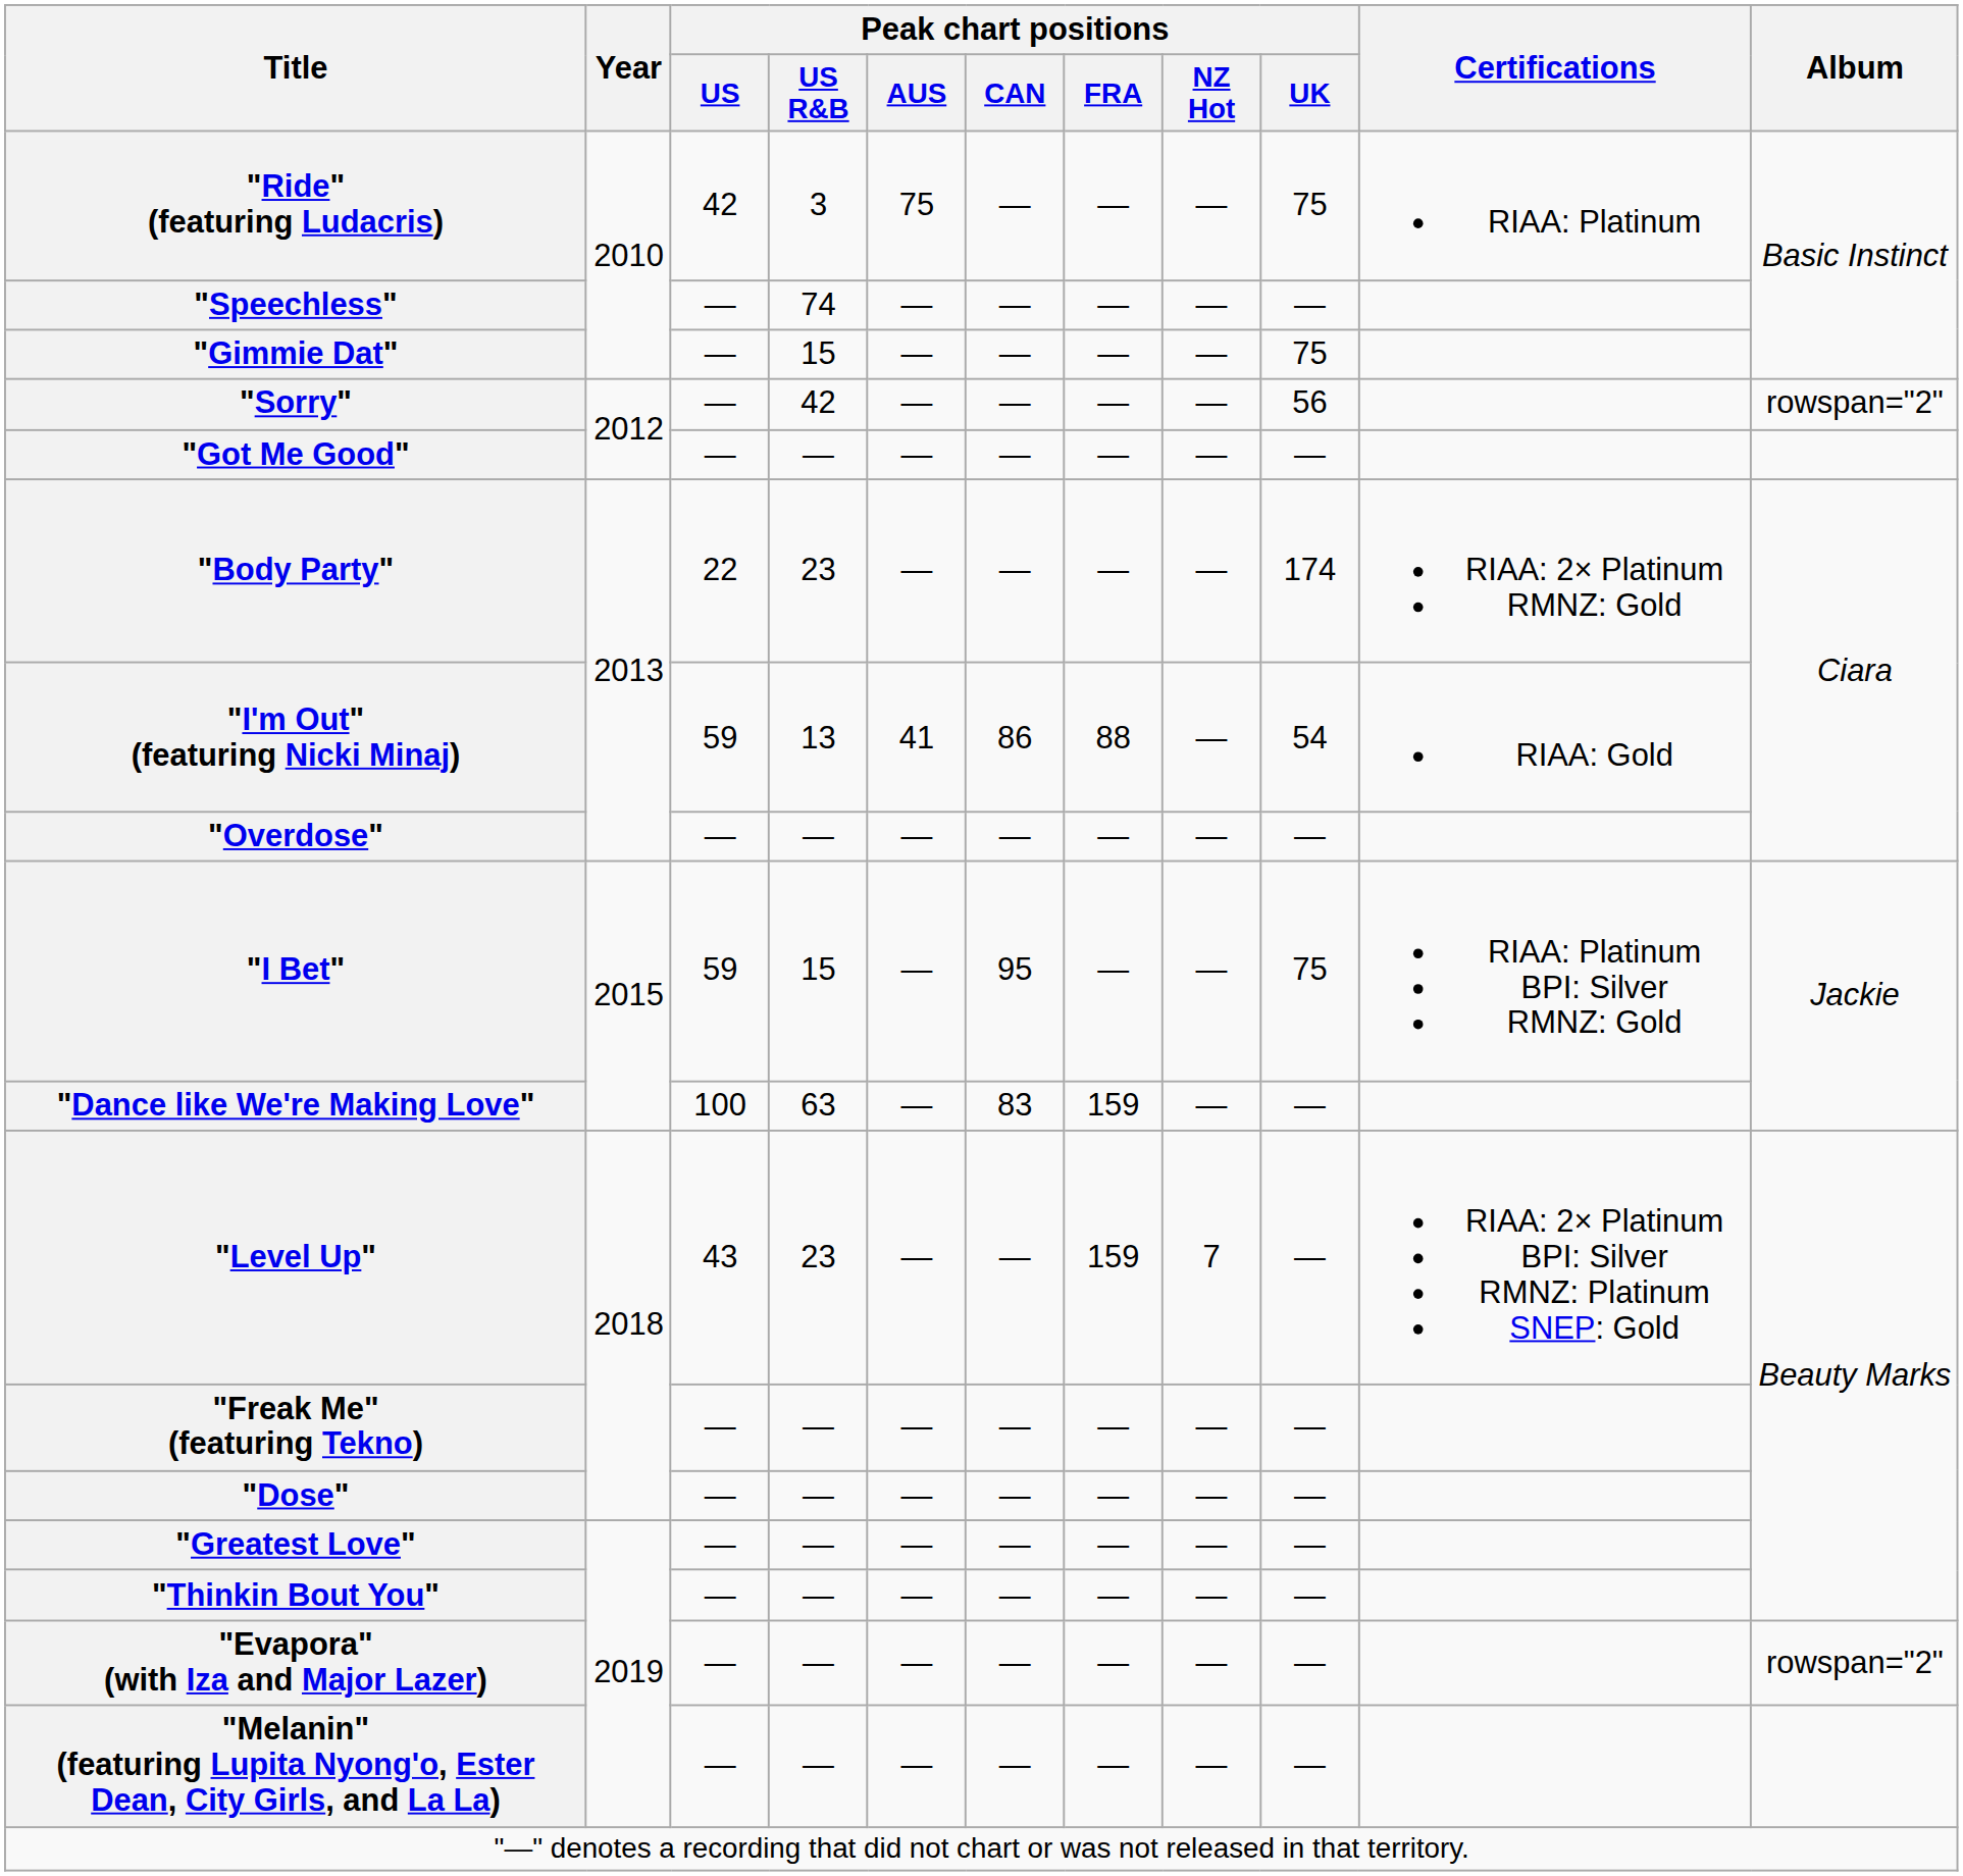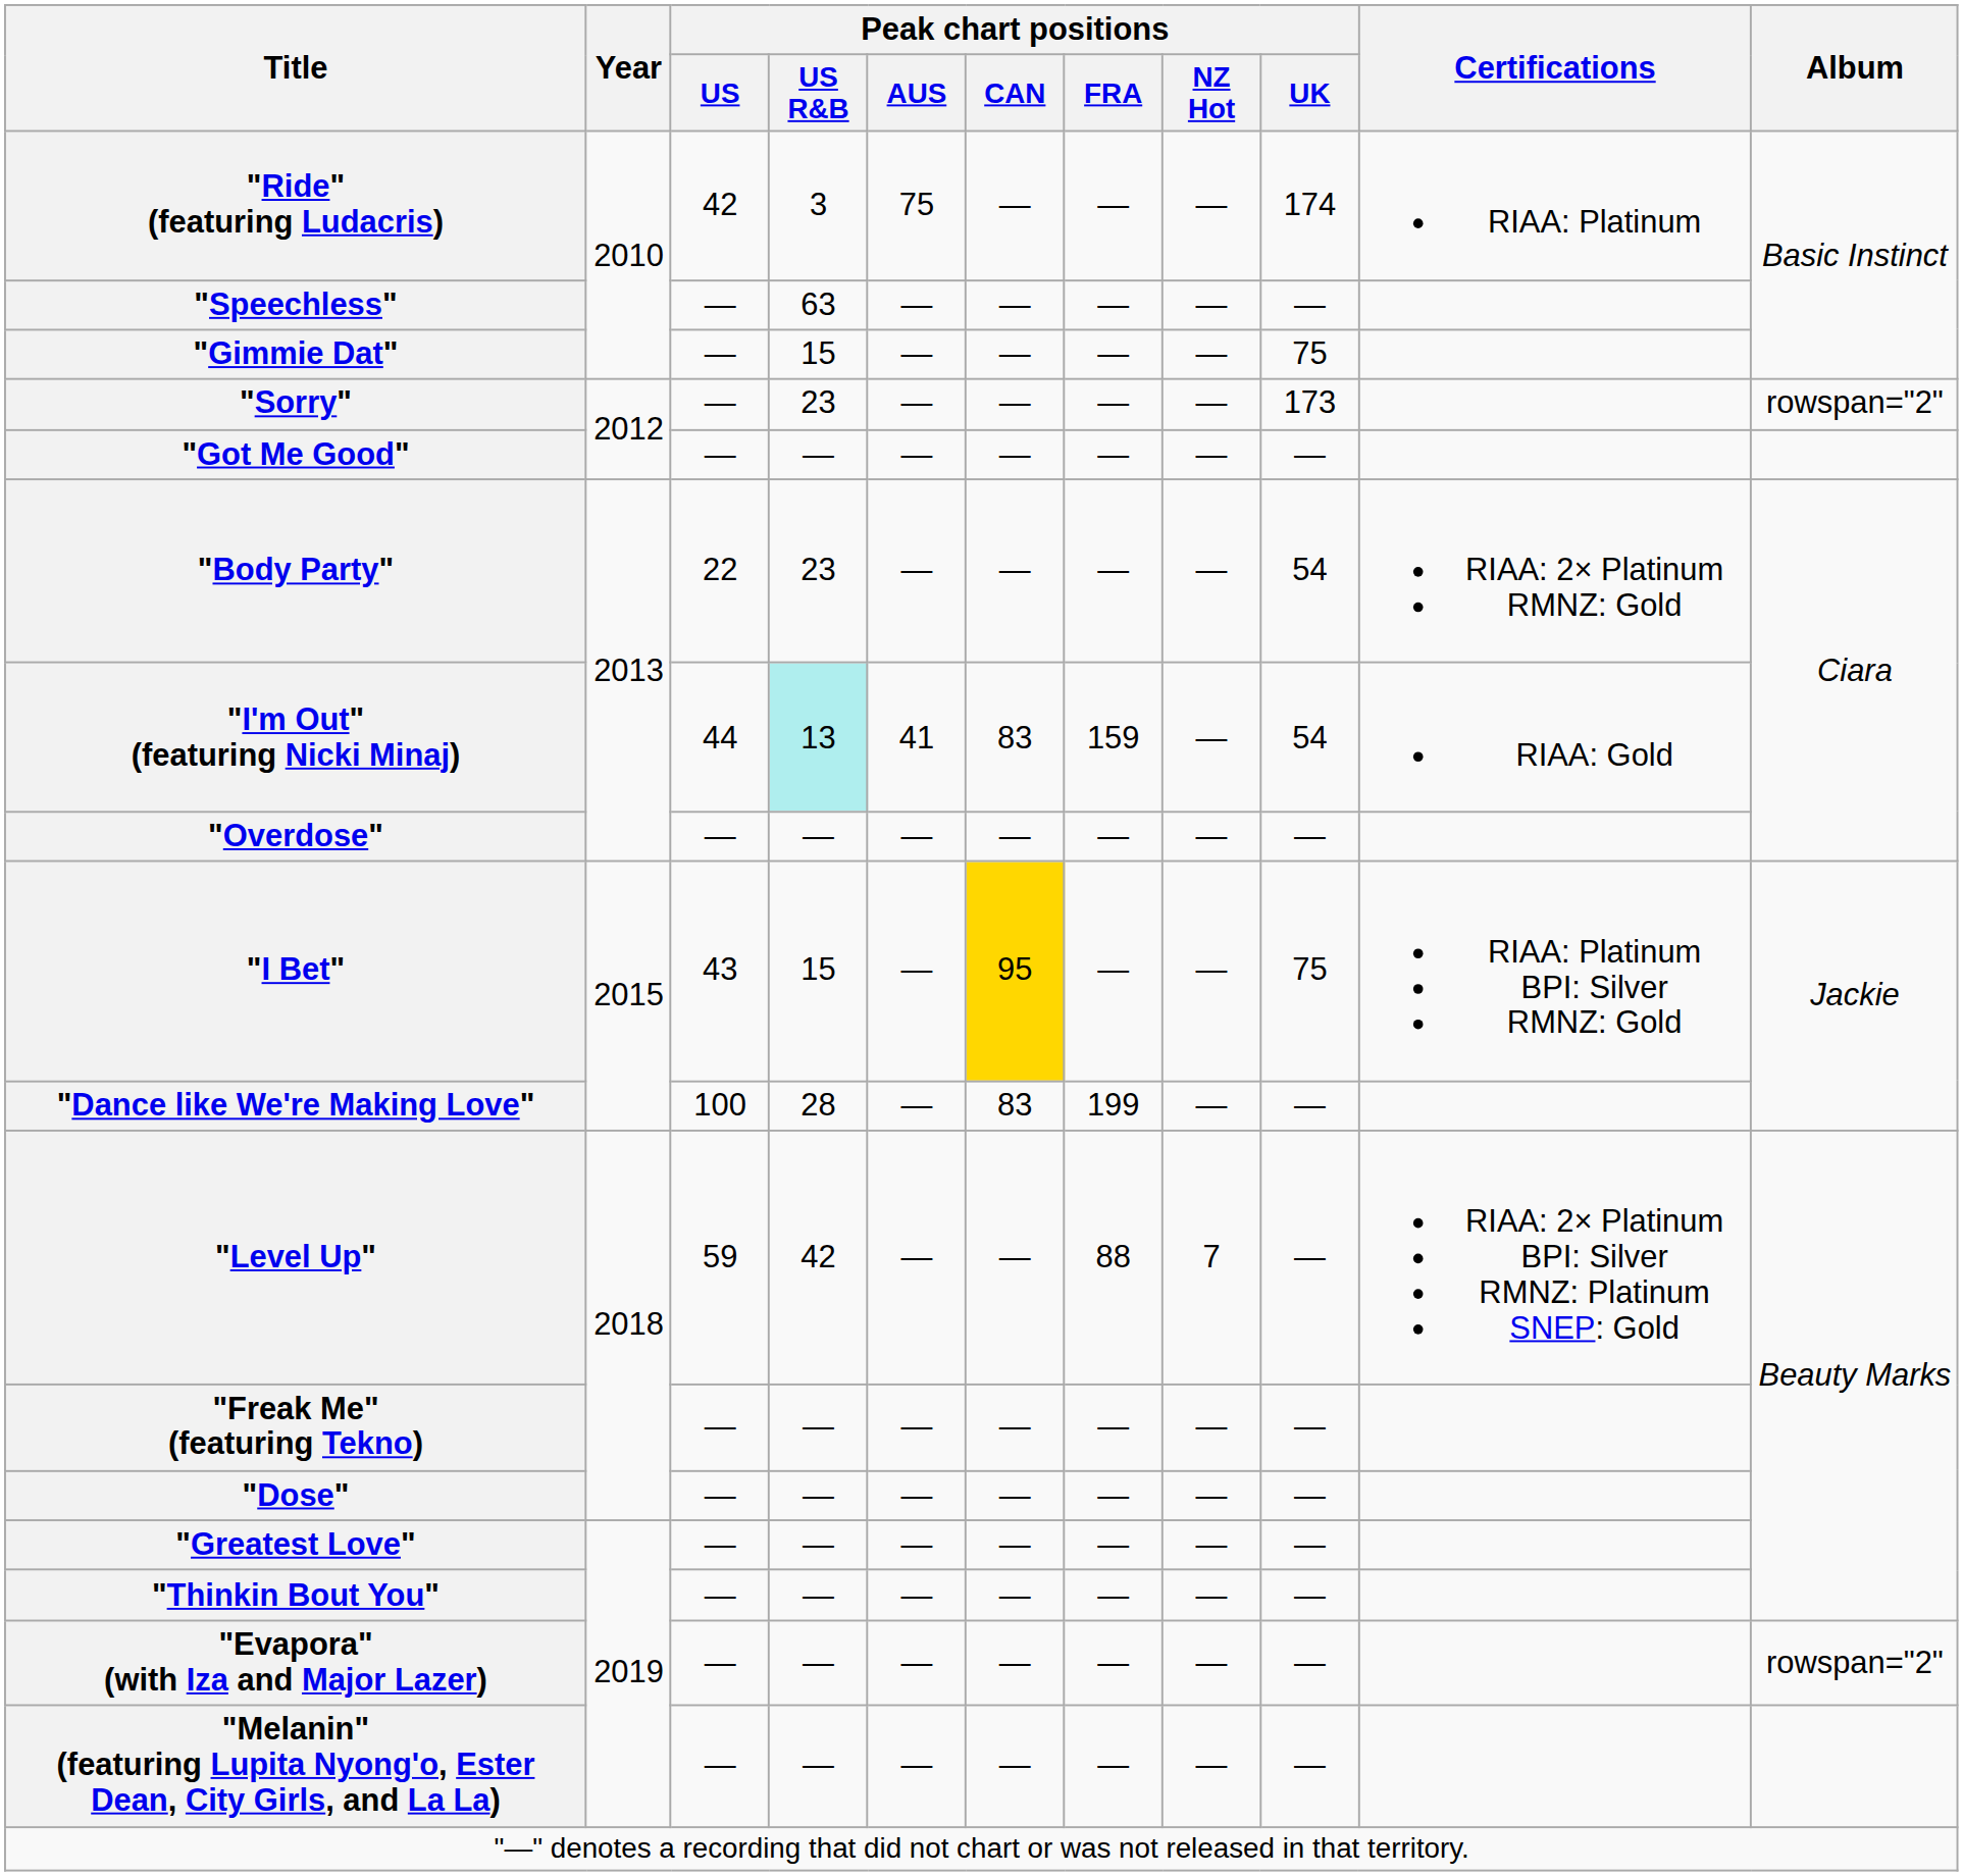 <table class="wikitable plainrowheaders" style="text-align:center;">
 <tr>
 <th scope="col" rowspan="2" style="width:18em;">Title</th>
 <th scope="col" rowspan="2">Year</th>
 <th scope="col" colspan="7">Peak chart positions</th>
 <th scope="col" rowspan="2" style="width:12em;"><a href='#'>Certifications</a></th>
 <th scope="col" rowspan="2">Album</th>
 </tr>
 <tr>
 <th scope="col" style="width:3em;font-size:90%;"><a href='#'>US</a><br></th>
 <th scope="col" style="width:3em;font-size:90%;"><a href='#'>US R&B</a><br></th>
 <th scope="col" style="width:3em;font-size:90%;"><a href='#'>AUS</a><br></th>
 <th scope="col" style="width:3em;font-size:90%;"><a href='#'>CAN</a><br></th>
 <th scope="col" style="width:3em;font-size:90%;"><a href='#'>FRA</a><br></th>
 <th scope="col" style="width:3em;font-size:90%;"><a href='#'>NZ Hot</a><br></th>
 <th scope="col" style="width:3em;font-size:90%;"><a href='#'>UK</a><br></th>
 </tr>
 <tr>
 <th scope="row">"<a href='#'>Ride</a>"<br><span>(featuring <a href='#'>Ludacris</a>)</span></th>
 <td rowspan="3">2010</td>
 <td>42</td>
 <td>3</td>
 <td>75</td>
 <td>—</td>
 <td>—</td>
 <td>—</td>
-<td>75</td>
+<td>174</td>
 <td><br><ul><li>RIAA: Platinum</li></ul></td>
 <td rowspan="3"><em>Basic Instinct</em></td>
 </tr>
 <tr>
 <th scope="row">"<a href='#'>Speechless</a>"</th>
 <td>—</td>
-<td>74</td>
+<td>63</td>
 <td>—</td>
 <td>—</td>
 <td>—</td>
 <td>—</td>
 <td>—</td>
 <td></td>
 </tr>
 <tr>
 <th scope="row">"<a href='#'>Gimmie Dat</a>"</th>
 <td>—</td>
 <td>15</td>
 <td>—</td>
 <td>—</td>
 <td>—</td>
 <td>—</td>
 <td>75</td>
 <td></td>
 </tr>
 <tr>
 <th scope="row">"<a href='#'>Sorry</a>"</th>
 <td rowspan="2">2012</td>
 <td>—</td>
-<td>42</td>
+<td>23</td>
 <td>—</td>
 <td>—</td>
 <td>—</td>
 <td>—</td>
-<td>56</td>
+<td>173</td>
 <td></td>
 <td>rowspan="2" </td>
 </tr>
 <tr>
 <th scope="row">"<a href='#'>Got Me Good</a>"</th>
 <td>—</td>
 <td>—</td>
 <td>—</td>
 <td>—</td>
 <td>—</td>
 <td>—</td>
 <td>—</td>
 <td></td>
 </tr>
 <tr>
 <th scope="row">"<a href='#'>Body Party</a>"</th>
 <td rowspan="3">2013</td>
 <td>22</td>
 <td>23</td>
 <td>—</td>
 <td>—</td>
 <td>—</td>
 <td>—</td>
-<td>174</td>
+<td>54</td>
 <td><br><ul><li>RIAA: 2× Platinum</li><li>RMNZ: Gold</li></ul></td>
 <td rowspan="3"><em>Ciara</em></td>
 </tr>
 <tr>
 <th scope="row">"<a href='#'>I'm Out</a>"<br><span>(featuring <a href='#'>Nicki Minaj</a>)</span></th>
-<td>59</td>
-<td>13</td>
+<td>44</td>
+<td style="background: paleturquoise;">13</td>
 <td>41</td>
-<td>86</td>
-<td>88</td>
+<td>83</td>
+<td>159</td>
 <td>—</td>
 <td>54</td>
 <td><br><ul><li>RIAA: Gold</li></ul></td>
 </tr>
 <tr>
 <th scope="row">"<a href='#'>Overdose</a>"</th>
 <td>—</td>
 <td>—</td>
 <td>—</td>
 <td>—</td>
 <td>—</td>
 <td>—</td>
 <td>—</td>
 <td></td>
 </tr>
 <tr>
 <th scope="row">"<a href='#'>I Bet</a>"</th>
 <td rowspan="2">2015</td>
-<td>59</td>
+<td>43</td>
 <td>15</td>
 <td>—</td>
-<td>95</td>
+<td style="background: gold;">95</td>
 <td>—</td>
 <td>—</td>
 <td>75</td>
 <td><br><ul><li>RIAA: Platinum</li><li>BPI: Silver</li><li>RMNZ: Gold</li></ul></td>
 <td rowspan="2"><em>Jackie</em></td>
 </tr>
 <tr>
 <th scope="row">"<a href='#'>Dance like We're Making Love</a>"</th>
 <td>100</td>
-<td>63</td>
+<td>28</td>
 <td>—</td>
 <td>83</td>
-<td>159</td>
+<td>199</td>
 <td>—</td>
 <td>—</td>
 <td></td>
 </tr>
 <tr>
 <th scope="row">"<a href='#'>Level Up</a>"</th>
 <td rowspan="3">2018</td>
-<td>43</td>
-<td>23</td>
+<td>59</td>
+<td>42</td>
 <td>—</td>
 <td>—</td>
-<td>159</td>
+<td>88</td>
 <td>7</td>
 <td>—</td>
 <td><br><ul><li>RIAA: 2× Platinum</li><li>BPI: Silver</li><li>RMNZ: Platinum</li><li><a href='#'>SNEP</a>: Gold</li></ul></td>
 <td rowspan="5"><em>Beauty Marks</em></td>
 </tr>
 <tr>
 <th scope="row">"Freak Me"<br><span>(featuring <a href='#'>Tekno</a>)</span></th>
 <td>—</td>
 <td>—</td>
 <td>—</td>
 <td>—</td>
 <td>—</td>
 <td>—</td>
 <td>—</td>
 <td></td>
 </tr>
 <tr>
 <th scope="row">"<a href='#'>Dose</a>"</th>
 <td>—</td>
 <td>—</td>
 <td>—</td>
 <td>—</td>
 <td>—</td>
 <td>—</td>
 <td>—</td>
 <td></td>
 </tr>
 <tr>
 <th scope="row">"<a href='#'>Greatest Love</a>"</th>
 <td rowspan="4">2019</td>
 <td>—</td>
 <td>—</td>
 <td>—</td>
 <td>—</td>
 <td>—</td>
 <td>—</td>
 <td>—</td>
 <td></td>
 </tr>
 <tr>
 <th scope="row">"<a href='#'>Thinkin Bout You</a>"</th>
 <td>—</td>
 <td>—</td>
 <td>—</td>
 <td>—</td>
 <td>—</td>
 <td>—</td>
 <td>—</td>
 <td></td>
 </tr>
 <tr>
 <th scope="row">"Evapora"<br><span>(with <a href='#'>Iza</a> and <a href='#'>Major Lazer</a>)</span></th>
 <td>—</td>
 <td>—</td>
 <td>—</td>
 <td>—</td>
 <td>—</td>
 <td>—</td>
 <td>—</td>
 <td></td>
 <td>rowspan="2" </td>
 </tr>
 <tr>
 <th scope="row">"Melanin"<br><span>(featuring <a href='#'>Lupita Nyong'o</a>, <a href='#'>Ester Dean</a>, <a href='#'>City Girls</a>, and <a href='#'>La La</a>)</span></th>
 <td>—</td>
 <td>—</td>
 <td>—</td>
 <td>—</td>
 <td>—</td>
 <td>—</td>
 <td>—</td>
 <td></td>
 </tr>
 <tr>
 <td colspan="14" style="font-size:90%">"—" denotes a recording that did not chart or was not released in that territory.</td>
 </tr>
 </table>
